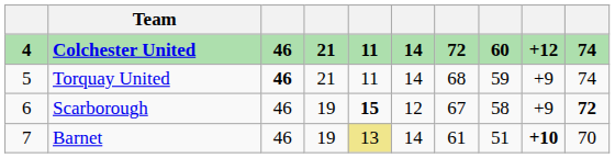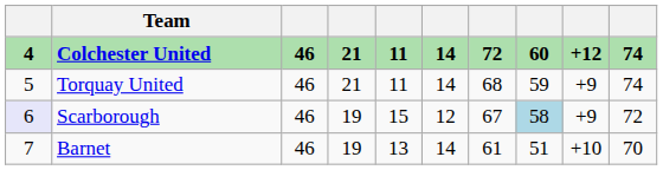 <table class="wikitable" style="text-align:center">
 <tr>
 <th width="30"></th>
 <th width="175">Team</th>
 <th width="30"></th>
 <th width="30"></th>
 <th width="30"></th>
 <th width="30"></th>
 <th width="30"></th>
 <th width="30"></th>
 <th width="30"></th>
 <th width="30"></th>
 </tr>
 <tr style="background:#addfad;">
 <td><strong>4</strong></td>
 <td align=left><strong><a href='#'>Colchester United</a></strong></td>
 <td><strong>46</strong></td>
 <td><strong>21</strong></td>
 <td><strong>11</strong></td>
 <td><strong>14</strong></td>
 <td><strong>72</strong></td>
 <td><strong>60</strong></td>
 <td><strong>+12</strong></td>
 <td><strong>74</strong></td>
 </tr>
 <tr>
 <td>5</td>
 <td align=left><a href='#'>Torquay United</a></td>
-<td><strong>46</strong></td>
+<td>46</td>
 <td>21</td>
 <td>11</td>
 <td>14</td>
 <td>68</td>
 <td>59</td>
 <td>+9</td>
 <td>74</td>
 </tr>
 <tr>
-<td>6</td>
+<td style="background: lavender;">6</td>
 <td align=left><a href='#'>Scarborough</a></td>
 <td>46</td>
 <td>19</td>
-<td><strong>15</strong></td>
+<td>15</td>
 <td>12</td>
 <td>67</td>
-<td>58</td>
+<td style="background: lightblue;">58</td>
 <td>+9</td>
-<td><strong>72</strong></td>
+<td>72</td>
 </tr>
 <tr>
 <td>7</td>
 <td align=left><a href='#'>Barnet</a></td>
 <td>46</td>
 <td>19</td>
-<td style="background: khaki;">13</td>
+<td>13</td>
 <td>14</td>
 <td>61</td>
 <td>51</td>
-<td><strong>+10</strong></td>
+<td>+10</td>
 <td>70</td>
 </tr>
 </table>
